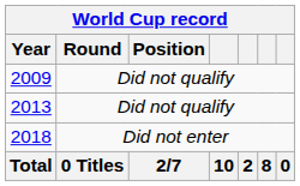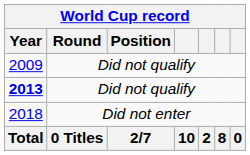 <table class="wikitable" style="text-align: center;">
 <tr>
 <th colspan=10><a href='#'>World Cup record</a></th>
 </tr>
 <tr>
 <th>Year</th>
 <th>Round</th>
 <th>Position</th>
 <th></th>
 <th></th>
 <th></th>
 <th></th>
 </tr>
 <tr>
 <td> <a href='#'>2009</a></td>
 <td colspan=6><em>Did not qualify</em></td>
 </tr>
 <tr>
-<td> <a href='#'>2013</a></td>
+<td><strong> <a href='#'>2013</a></strong></td>
 <td colspan=6><em>Did not qualify</em></td>
 </tr>
 <tr>
 <td> <a href='#'>2018</a></td>
 <td colspan=6><em>Did not enter</em></td>
 </tr>
 <tr>
 <th>Total</th>
 <th>0 Titles</th>
 <th>2/7</th>
 <th>10</th>
 <th>2</th>
 <th>8</th>
 <th>0</th>
 </tr>
 </table>
